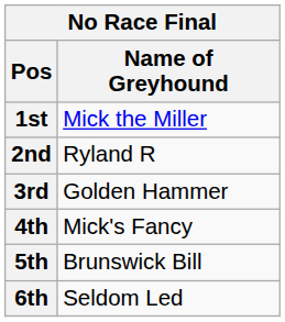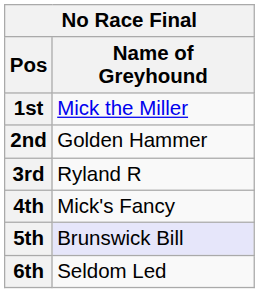 <table class="wikitable">
 <tr>
 <th colspan="6">No Race Final </th>
 </tr>
 <tr>
 <th width=30>Pos</th>
 <th width=150>Name of Greyhound</th>
 </tr>
 <tr>
 <th>1st</th>
 <td><a href='#'>Mick the Miller</a></td>
 </tr>
 <tr>
 <th>2nd</th>
-<td>Ryland R</td>
+<td>Golden Hammer</td>
 </tr>
 <tr>
 <th>3rd</th>
-<td>Golden Hammer</td>
+<td>Ryland R</td>
 </tr>
 <tr>
 <th>4th</th>
 <td>Mick's Fancy</td>
 </tr>
 <tr>
 <th>5th</th>
-<td>Brunswick Bill</td>
+<td style="background: lavender;">Brunswick Bill</td>
 </tr>
 <tr>
 <th>6th</th>
 <td>Seldom Led</td>
 </tr>
 </table>
